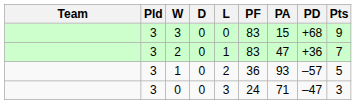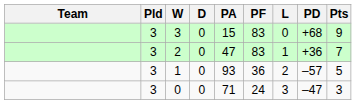 <table class="wikitable" style="text-align:center;">
 <tr>
 <th width=175>Team</th>
 <th width=25 abbr="Played">Pld</th>
 <th width=25 abbr="Won">W</th>
 <th width=25 abbr="Drawn">D</th>
+<th width=32 abbr="Points against">PA</th>
+<th width=32 abbr="Points for">PF</th>
 <th width=25 abbr="Lost">L</th>
-<th width=32 abbr="Points for">PF</th>
-<th width=32 abbr="Points against">PA</th>
 <th width=32 abbr="Points difference">PD</th>
 <th width=25 abbr="Points">Pts</th>
 </tr>
 <tr bgcolor=ccffcc>
 <td align=left></td>
 <td>3</td>
 <td>3</td>
 <td>0</td>
+<td>15</td>
+<td>83</td>
 <td>0</td>
-<td>83</td>
-<td>15</td>
 <td>+68</td>
 <td>9</td>
 </tr>
 <tr bgcolor=ccffcc>
 <td align=left></td>
 <td>3</td>
 <td>2</td>
 <td>0</td>
+<td>47</td>
+<td>83</td>
 <td>1</td>
-<td>83</td>
-<td>47</td>
 <td>+36</td>
 <td>7</td>
 </tr>
 <tr>
 <td align=left></td>
 <td>3</td>
 <td>1</td>
 <td>0</td>
+<td>93</td>
+<td>36</td>
 <td>2</td>
-<td>36</td>
-<td>93</td>
 <td>–57</td>
 <td>5</td>
 </tr>
 <tr>
 <td align=left></td>
 <td>3</td>
 <td>0</td>
 <td>0</td>
+<td>71</td>
+<td>24</td>
 <td>3</td>
-<td>24</td>
-<td>71</td>
 <td>–47</td>
 <td>3</td>
 </tr>
 </table>
